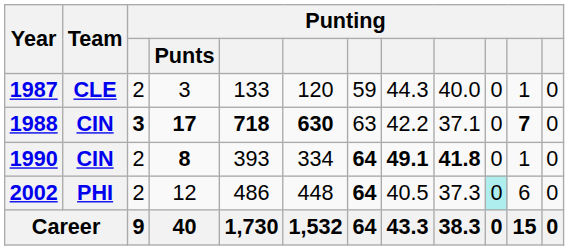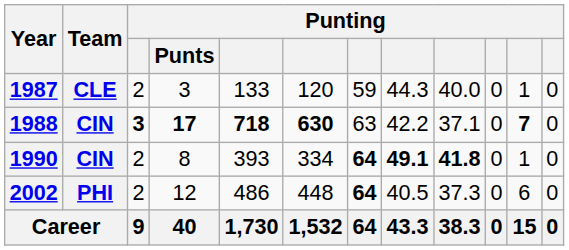 <table class=wikitable style="text-align:center;">
 <tr>
 <th rowspan="2">Year</th>
 <th rowspan="2">Team</th>
 <th colspan="10">Punting</th>
 </tr>
 <tr>
 <th></th>
 <th>Punts</th>
 <th></th>
 <th></th>
 <th></th>
 <th></th>
 <th></th>
 <th></th>
 <th></th>
 <th></th>
 </tr>
 <tr>
 <th><a href='#'>1987</a></th>
 <th><a href='#'>CLE</a></th>
 <td>2</td>
 <td>3</td>
 <td>133</td>
 <td>120</td>
 <td>59</td>
 <td>44.3</td>
 <td>40.0</td>
 <td>0</td>
 <td>1</td>
 <td>0</td>
 </tr>
 <tr>
 <th><a href='#'>1988</a></th>
 <th><a href='#'>CIN</a></th>
 <td><strong>3</strong></td>
 <td><strong>17</strong></td>
 <td><strong>718</strong></td>
 <td><strong>630</strong></td>
 <td>63</td>
 <td>42.2</td>
 <td>37.1</td>
 <td>0</td>
 <td><strong>7</strong></td>
 <td>0</td>
 </tr>
 <tr>
 <th><a href='#'>1990</a></th>
 <th><a href='#'>CIN</a></th>
 <td>2</td>
-<td><strong>8</strong></td>
+<td>8</td>
 <td>393</td>
 <td>334</td>
 <td><strong>64</strong></td>
 <td><strong>49.1</strong></td>
 <td><strong>41.8</strong></td>
 <td>0</td>
 <td>1</td>
 <td>0</td>
 </tr>
 <tr>
 <th><a href='#'>2002</a></th>
 <th><a href='#'>PHI</a></th>
 <td>2</td>
 <td>12</td>
 <td>486</td>
 <td>448</td>
 <td><strong>64</strong></td>
 <td>40.5</td>
 <td>37.3</td>
-<td style="background: paleturquoise;">0</td>
+<td>0</td>
 <td>6</td>
 <td>0</td>
 </tr>
 <tr>
 <th colspan="2">Career</th>
 <th>9</th>
 <th>40</th>
 <th>1,730</th>
 <th>1,532</th>
 <th>64</th>
 <th>43.3</th>
 <th>38.3</th>
 <th>0</th>
 <th>15</th>
 <th>0</th>
 </tr>
 </table>
